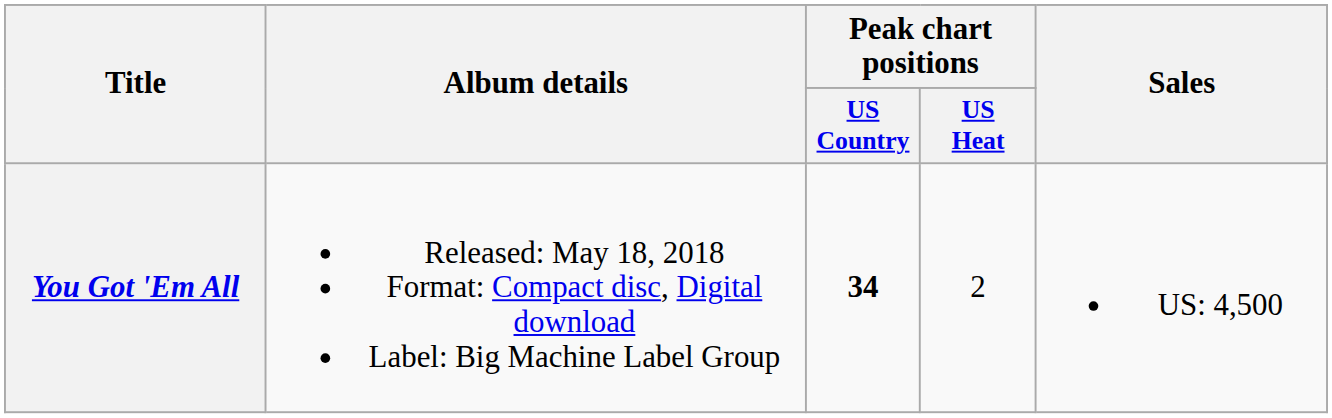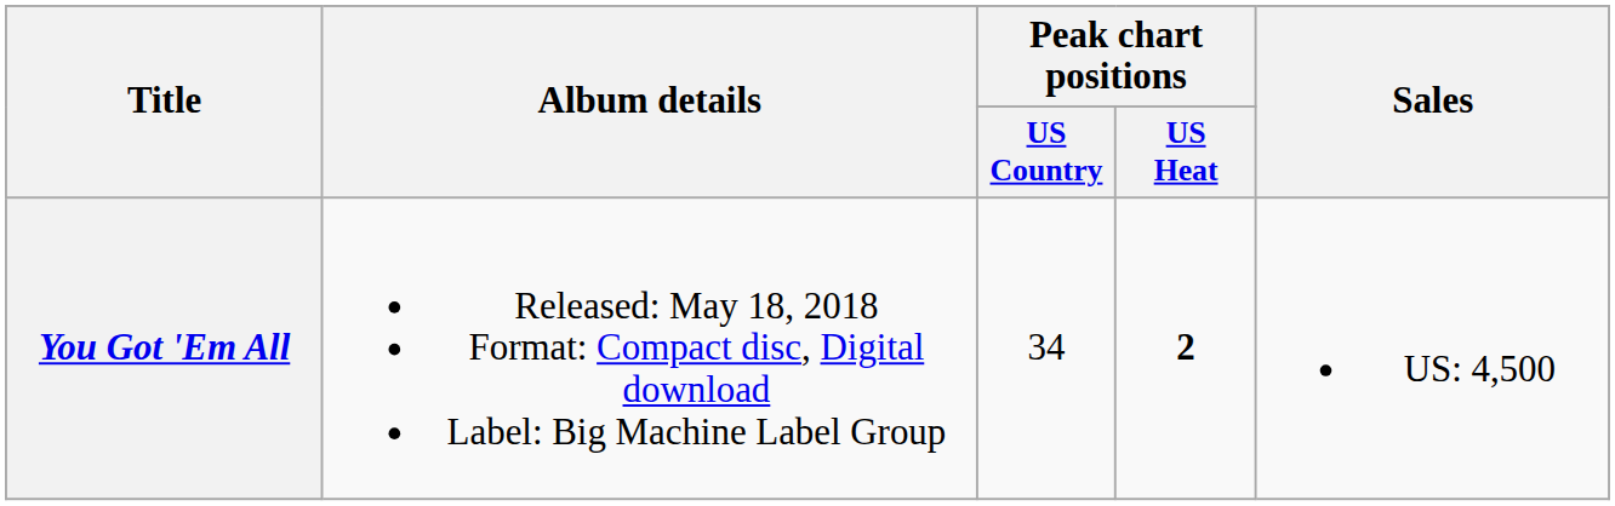 <table class="wikitable plainrowheaders" style="text-align:center;">
 <tr>
 <th rowspan="2" style="width:8em;">Title</th>
 <th rowspan="2" style="width:17em;">Album details</th>
 <th colspan="2">Peak chart positions</th>
 <th rowspan="2" style="width:9em;">Sales</th>
 </tr>
 <tr style="font-size:smaller;">
 <th style="width:4em;"><a href='#'>US Country</a><br></th>
 <th style="width:4em;"><a href='#'>US<br> Heat</a><br></th>
 </tr>
 <tr>
 <th scope="row" style="width:6em;"><em><a href='#'>You Got 'Em All</a></em></th>
 <td><br><ul><li>Released: May 18, 2018</li><li>Format: <a href='#'>Compact disc</a>, <a href='#'>Digital download</a></li><li>Label: Big Machine Label Group</li></ul></td>
-<td><strong>34</strong></td>
-<td>2</td>
+<td>34</td>
+<td><strong>2</strong></td>
 <td><br><ul><li>US: 4,500</li></ul></td>
 </tr>
 </table>
